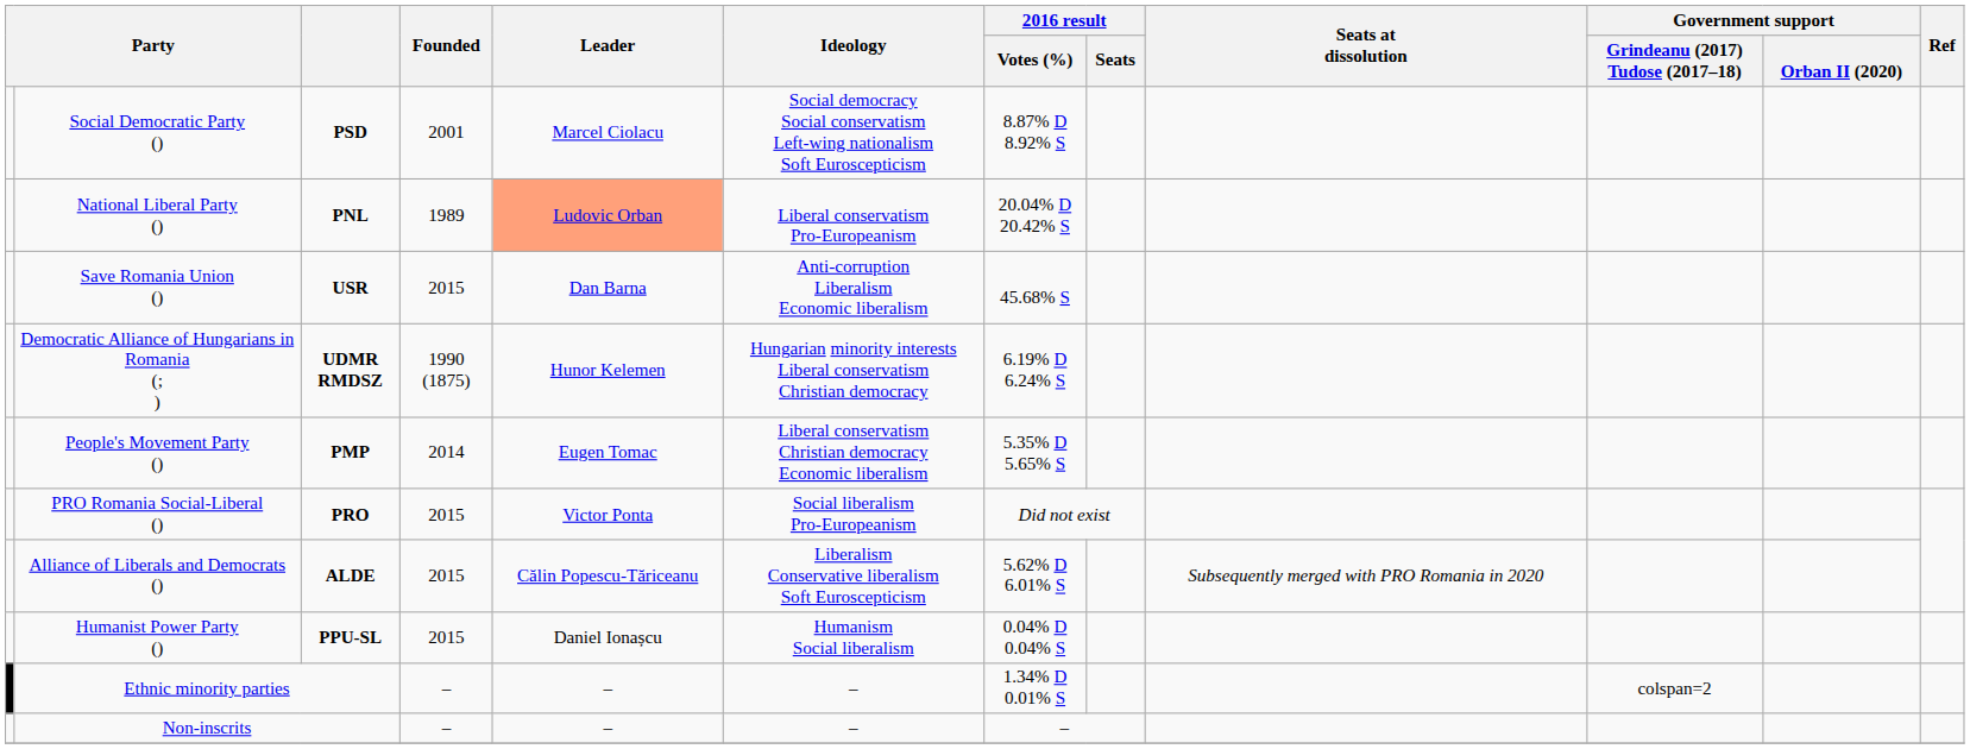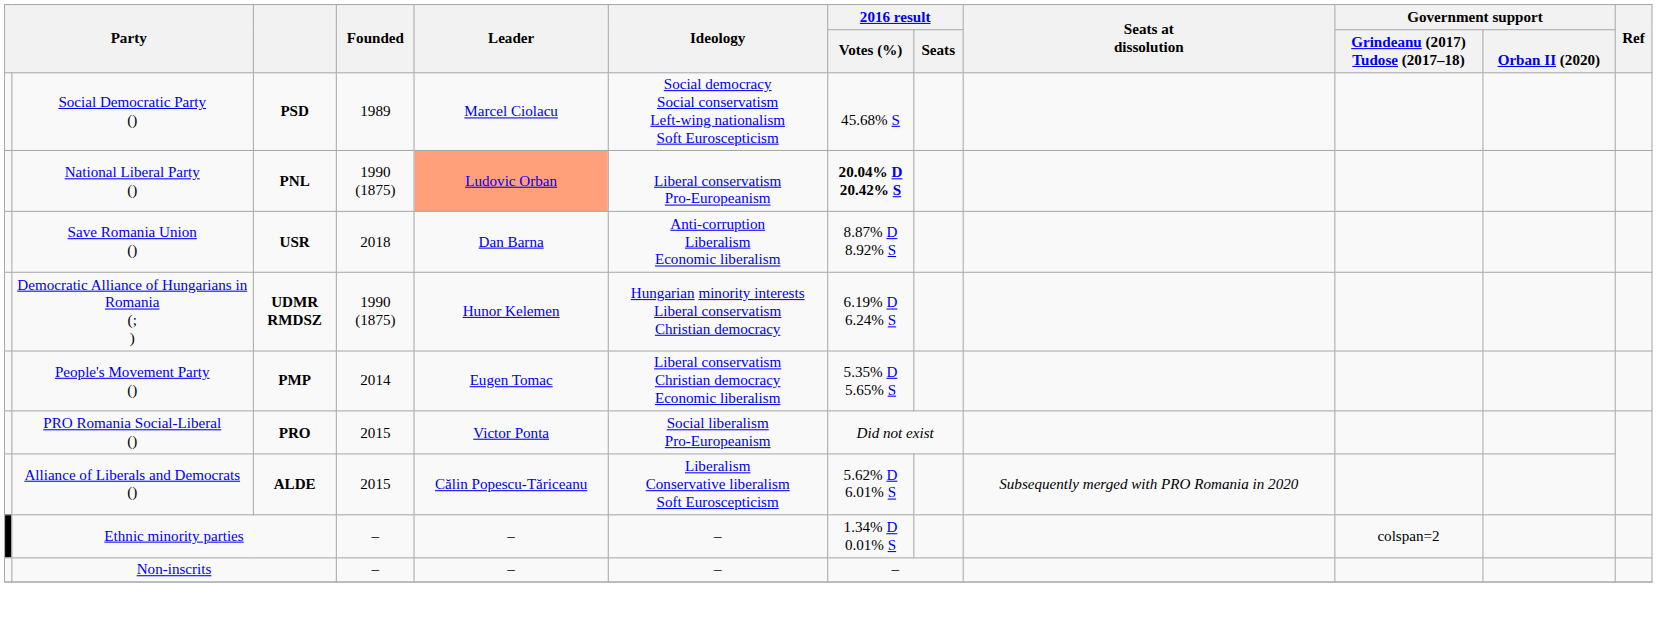 <table class="wikitable" style="text-align:center; font-size:90%">
 <tr>
 <th rowspan=2 colspan=2 width=15%>Party</th>
 <th rowspan=2></th>
 <th rowspan=2>Founded</th>
 <th rowspan=2>Leader</th>
 <th rowspan=2>Ideology</th>
 <th colspan=2><a href='#'>2016 result</a></th>
 <th rowspan=2>Seats at<br>dissolution</th>
 <th colspan=2>Government support</th>
 <th rowspan=2>Ref</th>
 </tr>
 <tr>
 <th>Votes (%)</th>
 <th>Seats</th>
 <th><a href='#'>Grindeanu</a> (2017)<br><a href='#'>Tudose</a> (2017–18)<br></th>
 <th><br><a href='#'>Orban II</a> (2020)</th>
 </tr>
 <tr>
 <td bgcolor=></td>
 <td><a href='#'>Social Democratic Party</a><br>()</td>
 <td align=center><strong>PSD</strong></td>
-<td>2001</td>
+<td>1989</td>
 <td><a href='#'>Marcel Ciolacu</a></td>
 <td><a href='#'>Social democracy</a><br><a href='#'>Social conservatism</a><br><a href='#'>Left-wing nationalism</a><br><a href='#'>Soft Euroscepticism</a></td>
-<td>8.87% <a href='#'>D</a><br>8.92% <a href='#'>S</a></td>
+<td><br>45.68% <a href='#'>S</a></td>
 <td><br></td>
 <td><br></td>
 <td></td>
 <td></td>
 <td></td>
 </tr>
 <tr>
 <td bgcolor=></td>
 <td><a href='#'>National Liberal Party</a><br>()</td>
 <td align=center><strong>PNL</strong></td>
-<td>1989</td>
+<td>1990<br>(1875)</td>
 <td style="background: lightsalmon;"><a href='#'>Ludovic Orban</a></td>
 <td><br><a href='#'>Liberal conservatism</a><br><a href='#'>Pro-Europeanism</a></td>
-<td>20.04% <a href='#'>D</a><br>20.42% <a href='#'>S</a></td>
+<td><strong>20.04% <a href='#'>D</a><br>20.42% <a href='#'>S</a></strong></td>
 <td><br></td>
 <td><br></td>
 <td></td>
 <td></td>
 <td></td>
 </tr>
 <tr>
 <td bgcolor=></td>
 <td><a href='#'>Save Romania Union</a><br>()</td>
 <td align=center><strong>USR</strong></td>
-<td>2015</td>
+<td>2018</td>
 <td><a href='#'>Dan Barna</a></td>
 <td><a href='#'>Anti-corruption</a><br><a href='#'>Liberalism</a><br><a href='#'>Economic liberalism</a></td>
-<td><br>45.68% <a href='#'>S</a></td>
+<td>8.87% <a href='#'>D</a><br>8.92% <a href='#'>S</a></td>
 <td><br></td>
 <td><br></td>
 <td></td>
 <td></td>
 <td></td>
 </tr>
 <tr>
 <td bgcolor=></td>
 <td><a href='#'>Democratic Alliance of Hungarians in Romania</a><br>(;<br>)</td>
 <td align=center><strong>UDMR<br>RMDSZ</strong></td>
 <td>1990<br>(1875)</td>
 <td><a href='#'>Hunor Kelemen</a></td>
 <td><a href='#'>Hungarian</a> <a href='#'>minority interests</a><br><a href='#'>Liberal conservatism</a><br><a href='#'>Christian democracy</a></td>
 <td>6.19% <a href='#'>D</a><br>6.24% <a href='#'>S</a></td>
 <td><br></td>
 <td><br></td>
 <td></td>
 <td></td>
 <td></td>
 </tr>
 <tr>
 <td bgcolor=></td>
 <td><a href='#'>People's Movement Party</a><br>()</td>
 <td align=center><strong>PMP</strong></td>
 <td>2014</td>
 <td><a href='#'>Eugen Tomac</a></td>
 <td><a href='#'>Liberal conservatism</a><br><a href='#'>Christian democracy</a><br><a href='#'>Economic liberalism</a></td>
 <td>5.35% <a href='#'>D</a><br>5.65% <a href='#'>S</a></td>
 <td><br></td>
 <td><br></td>
 <td></td>
 <td></td>
 <td></td>
 </tr>
 <tr>
 <td bgcolor=></td>
 <td><a href='#'>PRO Romania Social-Liberal</a><br>()</td>
 <td align=center><strong>PRO</strong></td>
 <td>2015</td>
 <td><a href='#'>Victor Ponta</a></td>
 <td><a href='#'>Social liberalism</a><br><a href='#'>Pro-Europeanism</a></td>
 <td colspan=2><em>Did not exist</em></td>
 <td><br></td>
 <td></td>
 <td></td>
 <td rowspan=2></td>
 </tr>
 <tr>
 <td bgcolor=></td>
 <td><a href='#'>Alliance of Liberals and Democrats</a><br>()</td>
 <td align=center><strong>ALDE</strong></td>
 <td>2015</td>
 <td><a href='#'>Călin Popescu-Tăriceanu</a></td>
 <td><a href='#'>Liberalism</a><br><a href='#'>Conservative liberalism</a><br><a href='#'>Soft Euroscepticism</a></td>
 <td>5.62% <a href='#'>D</a><br>6.01% <a href='#'>S</a></td>
 <td><br></td>
 <td><em>Subsequently merged with PRO Romania in 2020</em></td>
 <td></td>
 <td></td>
 </tr>
 <tr>
-<td bgcolor=></td>
-<td><a href='#'>Humanist Power Party</a><br>()</td>
-<td align=center><strong>PPU-SL</strong></td>
-<td>2015</td>
-<td>Daniel Ionașcu</td>
-<td><a href='#'>Humanism</a><br><a href='#'>Social liberalism</a></td>
-<td>0.04% <a href='#'>D</a><br>0.04% <a href='#'>S</a></td>
-<td><br></td>
-<td><br></td>
-<td></td>
-<td></td>
-<td></td>
-</tr>
-<tr>
 <td bgcolor=black></td>
 <td colspan=2><a href='#'>Ethnic minority parties</a></td>
 <td>–</td>
 <td>–</td>
 <td>–</td>
 <td>1.34% <a href='#'>D</a><br>0.01% <a href='#'>S</a></td>
 <td><br></td>
 <td><br></td>
 <td>colspan=2 </td>
 <td></td>
 </tr>
 <tr>
 <td bgcolor=></td>
 <td colspan=2><a href='#'>Non-inscrits</a></td>
 <td>–</td>
 <td>–</td>
 <td>–</td>
 <td colspan=2>–</td>
 <td><br></td>
 <td></td>
 <td></td>
 <td></td>
 </tr>
 <tr>
 </tr>
 </table>
